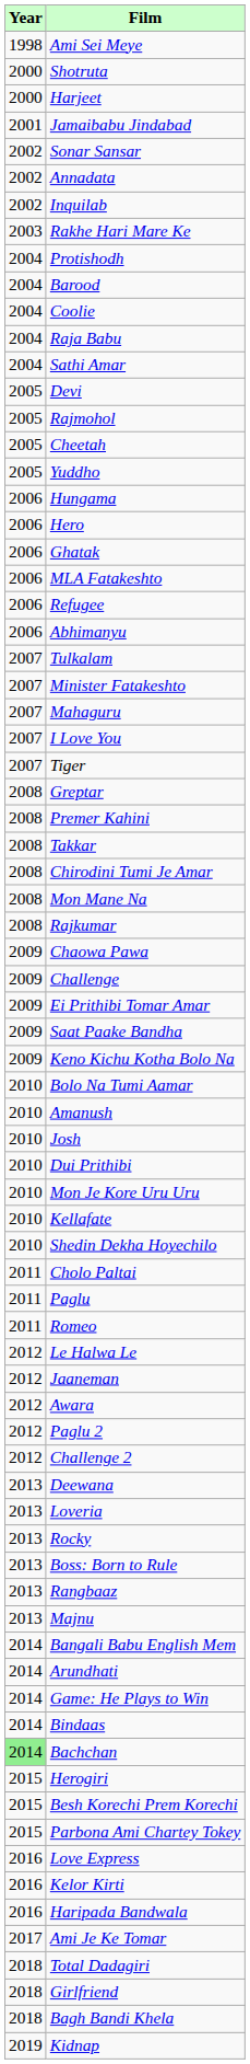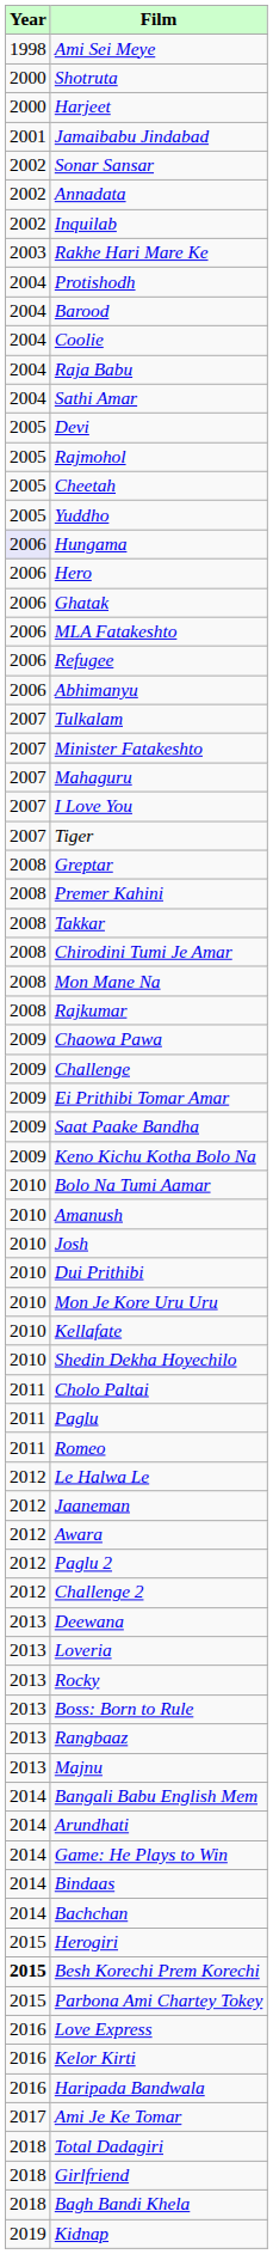 <table class="wikitable sortable">
 <tr style="background:#cfc; text-align:center;">
 <td scope="col"><strong>Year</strong></td>
 <td scope="col"><strong>Film</strong></td>
 </tr>
 <tr>
 <td>1998</td>
 <td><em><a href='#'>Ami Sei Meye</a></em></td>
 </tr>
 <tr>
 <td>2000</td>
 <td><em><a href='#'>Shotruta</a></em></td>
 </tr>
 <tr>
 <td>2000</td>
 <td><em><a href='#'>Harjeet</a></em></td>
 </tr>
 <tr>
 <td>2001</td>
 <td><em><a href='#'>Jamaibabu Jindabad</a></em></td>
 </tr>
 <tr>
 <td>2002</td>
 <td><em><a href='#'>Sonar Sansar</a></em></td>
 </tr>
 <tr>
 <td>2002</td>
 <td><em><a href='#'>Annadata</a></em></td>
 </tr>
 <tr>
 <td>2002</td>
 <td><em><a href='#'>Inquilab</a></em></td>
 </tr>
 <tr>
 <td>2003</td>
 <td><em><a href='#'>Rakhe Hari Mare Ke</a></em></td>
 </tr>
 <tr>
 <td>2004</td>
 <td><em><a href='#'>Protishodh</a></em></td>
 </tr>
 <tr>
 <td>2004</td>
 <td><em><a href='#'>Barood</a></em></td>
 </tr>
 <tr>
 <td>2004</td>
 <td><em><a href='#'>Coolie</a></em></td>
 </tr>
 <tr>
 <td>2004</td>
 <td><em><a href='#'>Raja Babu</a></em></td>
 </tr>
 <tr>
 <td>2004</td>
 <td><em><a href='#'>Sathi Amar</a></em></td>
 </tr>
 <tr>
 <td>2005</td>
 <td><em><a href='#'>Devi</a></em></td>
 </tr>
 <tr>
 <td>2005</td>
 <td><em><a href='#'>Rajmohol</a></em></td>
 </tr>
 <tr>
 <td>2005</td>
 <td><em><a href='#'>Cheetah</a></em></td>
 </tr>
 <tr>
 <td>2005</td>
 <td><em><a href='#'>Yuddho</a></em></td>
 </tr>
 <tr>
-<td>2006</td>
+<td style="background: lavender;">2006</td>
 <td><em><a href='#'>Hungama</a></em></td>
 </tr>
 <tr>
 <td>2006</td>
 <td><em><a href='#'>Hero</a></em></td>
 </tr>
 <tr>
 <td>2006</td>
 <td><em><a href='#'>Ghatak</a></em></td>
 </tr>
 <tr>
 <td>2006</td>
 <td><em><a href='#'>MLA Fatakeshto</a></em></td>
 </tr>
 <tr>
 <td>2006</td>
 <td><em><a href='#'>Refugee</a></em></td>
 </tr>
 <tr>
 <td>2006</td>
 <td><em><a href='#'>Abhimanyu</a></em></td>
 </tr>
 <tr>
 <td>2007</td>
 <td><em><a href='#'>Tulkalam</a></em></td>
 </tr>
 <tr>
 <td>2007</td>
 <td><em><a href='#'>Minister Fatakeshto</a></em></td>
 </tr>
 <tr>
 <td>2007</td>
 <td><em><a href='#'>Mahaguru</a></em></td>
 </tr>
 <tr>
 <td>2007</td>
 <td><em><a href='#'>I Love You</a></em></td>
 </tr>
 <tr>
 <td>2007</td>
 <td><em>Tiger</em></td>
 </tr>
 <tr>
 <td>2008</td>
 <td><em><a href='#'>Greptar</a></em></td>
 </tr>
 <tr>
 <td>2008</td>
 <td><em><a href='#'>Premer Kahini</a></em></td>
 </tr>
 <tr>
 <td>2008</td>
 <td><em><a href='#'>Takkar</a></em></td>
 </tr>
 <tr>
 <td>2008</td>
 <td><em><a href='#'>Chirodini Tumi Je Amar</a></em></td>
 </tr>
 <tr>
 <td>2008</td>
 <td><em><a href='#'>Mon Mane Na</a></em></td>
 </tr>
 <tr>
 <td>2008</td>
 <td><em><a href='#'>Rajkumar</a></em></td>
 </tr>
 <tr>
 <td>2009</td>
 <td><em><a href='#'>Chaowa Pawa</a></em></td>
 </tr>
 <tr>
 <td>2009</td>
 <td><em><a href='#'>Challenge</a></em></td>
 </tr>
 <tr>
 <td>2009</td>
 <td><em><a href='#'>Ei Prithibi Tomar Amar</a></em></td>
 </tr>
 <tr>
 <td>2009</td>
 <td><em><a href='#'>Saat Paake Bandha</a></em></td>
 </tr>
 <tr>
 <td>2009</td>
 <td><em><a href='#'>Keno Kichu Kotha Bolo Na</a></em></td>
 </tr>
 <tr>
 <td>2010</td>
 <td><em><a href='#'>Bolo Na Tumi Aamar</a></em></td>
 </tr>
 <tr>
 <td>2010</td>
 <td><em><a href='#'>Amanush</a></em></td>
 </tr>
 <tr>
 <td>2010</td>
 <td><em><a href='#'>Josh</a></em></td>
 </tr>
 <tr>
 <td>2010</td>
 <td><em><a href='#'>Dui Prithibi</a></em></td>
 </tr>
 <tr>
 <td>2010</td>
 <td><em><a href='#'>Mon Je Kore Uru Uru</a></em></td>
 </tr>
 <tr>
 <td>2010</td>
 <td><em><a href='#'>Kellafate</a></em></td>
 </tr>
 <tr>
 <td>2010</td>
 <td><em><a href='#'>Shedin Dekha Hoyechilo</a></em></td>
 </tr>
 <tr>
 <td>2011</td>
 <td><em><a href='#'>Cholo Paltai</a></em></td>
 </tr>
 <tr>
 <td>2011</td>
 <td><em><a href='#'>Paglu</a></em></td>
 </tr>
 <tr>
 <td>2011</td>
 <td><em><a href='#'>Romeo</a></em></td>
 </tr>
 <tr>
 <td>2012</td>
 <td><em><a href='#'>Le Halwa Le</a></em></td>
 </tr>
 <tr>
 <td>2012</td>
 <td><em><a href='#'>Jaaneman</a></em></td>
 </tr>
 <tr>
 <td>2012</td>
 <td><em><a href='#'>Awara</a></em></td>
 </tr>
 <tr>
 <td>2012</td>
 <td><em><a href='#'>Paglu 2</a></em></td>
 </tr>
 <tr>
 <td>2012</td>
 <td><em><a href='#'>Challenge 2</a></em></td>
 </tr>
 <tr>
 <td>2013</td>
 <td><em><a href='#'>Deewana</a></em></td>
 </tr>
 <tr>
 <td>2013</td>
 <td><em><a href='#'>Loveria</a></em></td>
 </tr>
 <tr>
 <td>2013</td>
 <td><em><a href='#'>Rocky</a></em></td>
 </tr>
 <tr>
 <td>2013</td>
 <td><em><a href='#'>Boss: Born to Rule</a></em></td>
 </tr>
 <tr>
 <td>2013</td>
 <td><em><a href='#'>Rangbaaz</a></em></td>
 </tr>
 <tr>
 <td>2013</td>
 <td><em><a href='#'>Majnu</a></em></td>
 </tr>
 <tr>
 <td>2014</td>
 <td><em><a href='#'>Bangali Babu English Mem</a></em></td>
 </tr>
 <tr>
 <td>2014</td>
 <td><em><a href='#'>Arundhati</a></em></td>
 </tr>
 <tr>
 <td>2014</td>
 <td><em><a href='#'>Game: He Plays to Win</a></em></td>
 </tr>
 <tr>
 <td>2014</td>
 <td><em><a href='#'>Bindaas</a></em></td>
 </tr>
 <tr>
-<td style="background: lightgreen;">2014</td>
+<td>2014</td>
 <td><em><a href='#'>Bachchan</a></em></td>
 </tr>
 <tr>
 <td>2015</td>
 <td><em><a href='#'>Herogiri</a></em></td>
 </tr>
 <tr>
-<td>2015</td>
+<td><strong>2015</strong></td>
 <td><em><a href='#'>Besh Korechi Prem Korechi</a></em></td>
 </tr>
 <tr>
 <td>2015</td>
 <td><em><a href='#'>Parbona Ami Chartey Tokey</a></em></td>
 </tr>
 <tr>
 <td>2016</td>
 <td><em><a href='#'>Love Express</a></em></td>
 </tr>
 <tr>
 <td>2016</td>
 <td><em><a href='#'>Kelor Kirti</a></em></td>
 </tr>
 <tr>
 <td>2016</td>
 <td><em><a href='#'>Haripada Bandwala</a></em></td>
 </tr>
 <tr>
 <td>2017</td>
 <td><em><a href='#'>Ami Je Ke Tomar</a></em></td>
 </tr>
 <tr>
 <td>2018</td>
 <td><em><a href='#'>Total Dadagiri</a></em></td>
 </tr>
 <tr>
 <td>2018</td>
 <td><em><a href='#'>Girlfriend</a></em></td>
 </tr>
 <tr>
 <td>2018</td>
 <td><em><a href='#'>Bagh Bandi Khela</a></em></td>
 </tr>
 <tr>
 <td>2019</td>
 <td><em><a href='#'>Kidnap</a></em></td>
 </tr>
 </table>
